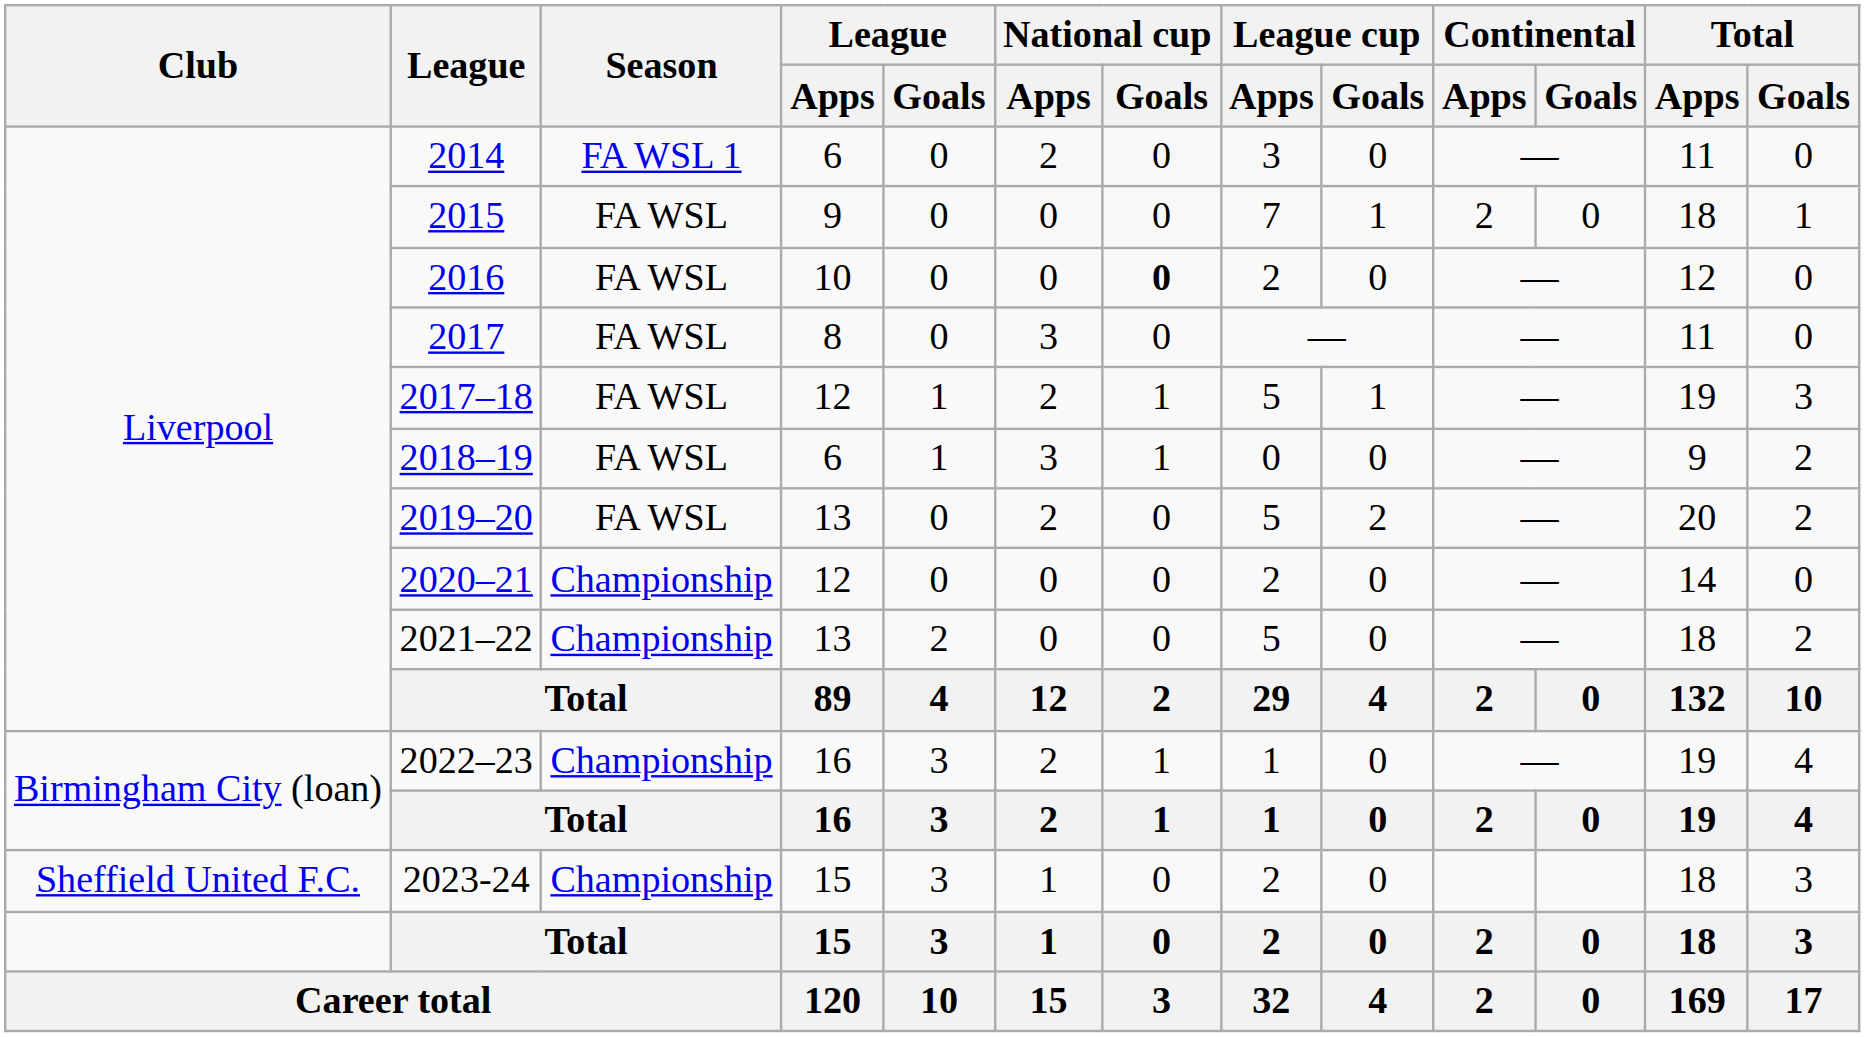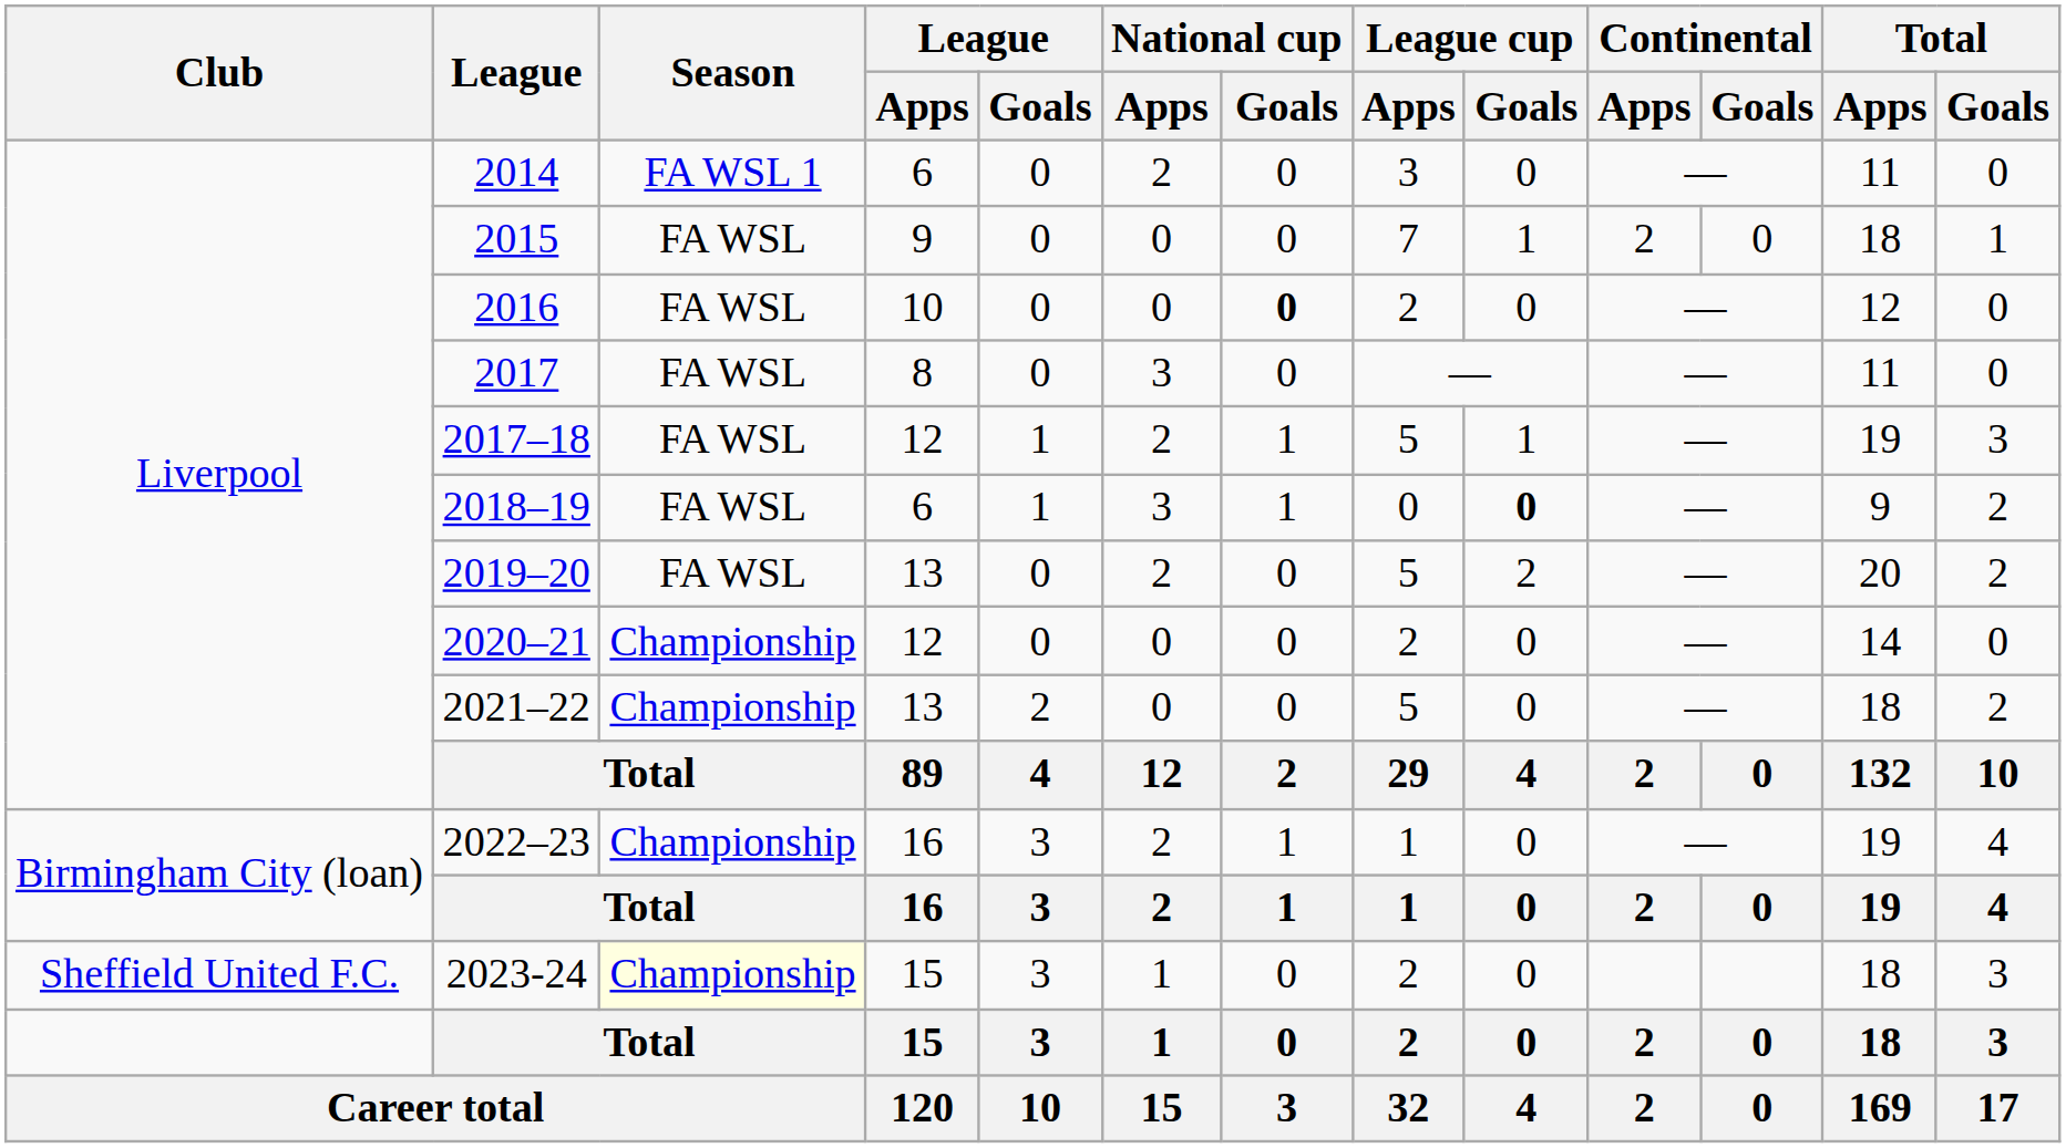 <table class="wikitable" style="text-align: center;">
 <tr>
 <th rowspan="2">Club</th>
 <th rowspan="2">League</th>
 <th rowspan="2">Season</th>
 <th colspan="2">League</th>
 <th colspan="2">National cup</th>
 <th colspan="2">League cup</th>
 <th colspan="2">Continental</th>
 <th colspan="2">Total</th>
 </tr>
 <tr>
 <th>Apps</th>
 <th>Goals</th>
 <th>Apps</th>
 <th>Goals</th>
 <th>Apps</th>
 <th>Goals</th>
 <th>Apps</th>
 <th>Goals</th>
 <th>Apps</th>
 <th>Goals</th>
 </tr>
 <tr>
 <td rowspan="10"><a href='#'>Liverpool</a></td>
 <td><a href='#'>2014</a></td>
 <td><a href='#'>FA WSL 1</a></td>
 <td>6</td>
 <td>0</td>
 <td>2</td>
 <td>0</td>
 <td>3</td>
 <td>0</td>
 <td colspan=2>—</td>
 <td>11</td>
 <td>0</td>
 </tr>
 <tr>
 <td><a href='#'>2015</a></td>
 <td>FA WSL</td>
 <td>9</td>
 <td>0</td>
 <td>0</td>
 <td>0</td>
 <td>7</td>
 <td>1</td>
 <td>2</td>
 <td>0</td>
 <td>18</td>
 <td>1</td>
 </tr>
 <tr>
 <td><a href='#'>2016</a></td>
 <td>FA WSL</td>
 <td>10</td>
 <td>0</td>
 <td>0</td>
 <td><strong>0</strong></td>
 <td>2</td>
 <td>0</td>
 <td colspan=2>—</td>
 <td>12</td>
 <td>0</td>
 </tr>
 <tr>
 <td><a href='#'>2017</a></td>
 <td>FA WSL</td>
 <td>8</td>
 <td>0</td>
 <td>3</td>
 <td>0</td>
 <td colspan=2>—</td>
 <td colspan=2>—</td>
 <td>11</td>
 <td>0</td>
 </tr>
 <tr>
 <td><a href='#'>2017–18</a></td>
 <td>FA WSL</td>
 <td>12</td>
 <td>1</td>
 <td>2</td>
 <td>1</td>
 <td>5</td>
 <td>1</td>
 <td colspan=2>—</td>
 <td>19</td>
 <td>3</td>
 </tr>
 <tr>
 <td><a href='#'>2018–19</a></td>
 <td>FA WSL</td>
 <td>6</td>
 <td>1</td>
 <td>3</td>
 <td>1</td>
 <td>0</td>
-<td>0</td>
+<td><strong>0</strong></td>
 <td colspan="2">—</td>
 <td>9</td>
 <td>2</td>
 </tr>
 <tr>
 <td><a href='#'>2019–20</a></td>
 <td>FA WSL</td>
 <td>13</td>
 <td>0</td>
 <td>2</td>
 <td>0</td>
 <td>5</td>
 <td>2</td>
 <td colspan="2">—</td>
 <td>20</td>
 <td>2</td>
 </tr>
 <tr>
 <td><a href='#'>2020–21</a></td>
 <td><a href='#'>Championship</a></td>
 <td>12</td>
 <td>0</td>
 <td>0</td>
 <td>0</td>
 <td>2</td>
 <td>0</td>
 <td colspan="2">—</td>
 <td>14</td>
 <td>0</td>
 </tr>
 <tr>
 <td>2021–22</td>
 <td><a href='#'>Championship</a></td>
 <td>13</td>
 <td>2</td>
 <td>0</td>
 <td>0</td>
 <td>5</td>
 <td>0</td>
 <td colspan="2">—</td>
 <td>18</td>
 <td>2</td>
 </tr>
 <tr>
 <th colspan="2">Total</th>
 <th>89</th>
 <th>4</th>
 <th>12</th>
 <th>2</th>
 <th>29</th>
 <th>4</th>
 <th>2</th>
 <th>0</th>
 <th>132</th>
 <th>10</th>
 </tr>
 <tr>
 <td rowspan="2"><a href='#'>Birmingham City</a> (loan)</td>
 <td>2022–23</td>
 <td><a href='#'>Championship</a></td>
 <td>16</td>
 <td>3</td>
 <td>2</td>
 <td>1</td>
 <td>1</td>
 <td>0</td>
 <td colspan="2">—</td>
 <td>19</td>
 <td>4</td>
 </tr>
 <tr>
 <th colspan="2">Total</th>
 <th>16</th>
 <th>3</th>
 <th>2</th>
 <th>1</th>
 <th>1</th>
 <th>0</th>
 <th>2</th>
 <th>0</th>
 <th>19</th>
 <th>4</th>
 </tr>
 <tr>
 <td><a href='#'>Sheffield United F.C.</a></td>
 <td>2023-24</td>
-<td><a href='#'>Championship</a></td>
+<td style="background: lightyellow;"><a href='#'>Championship</a></td>
 <td>15</td>
 <td>3</td>
 <td>1</td>
 <td>0</td>
 <td>2</td>
 <td>0</td>
 <td></td>
 <td></td>
 <td>18</td>
 <td>3</td>
 </tr>
 <tr>
 <td></td>
 <th colspan="2">Total</th>
 <th>15</th>
 <th>3</th>
 <th>1</th>
 <th>0</th>
 <th>2</th>
 <th>0</th>
 <th>2</th>
 <th>0</th>
 <th>18</th>
 <th>3</th>
 </tr>
 <tr>
 <th colspan="3">Career total</th>
 <th>120</th>
 <th>10</th>
 <th>15</th>
 <th>3</th>
 <th>32</th>
 <th>4</th>
 <th>2</th>
 <th>0</th>
 <th>169</th>
 <th>17</th>
 </tr>
 </table>
